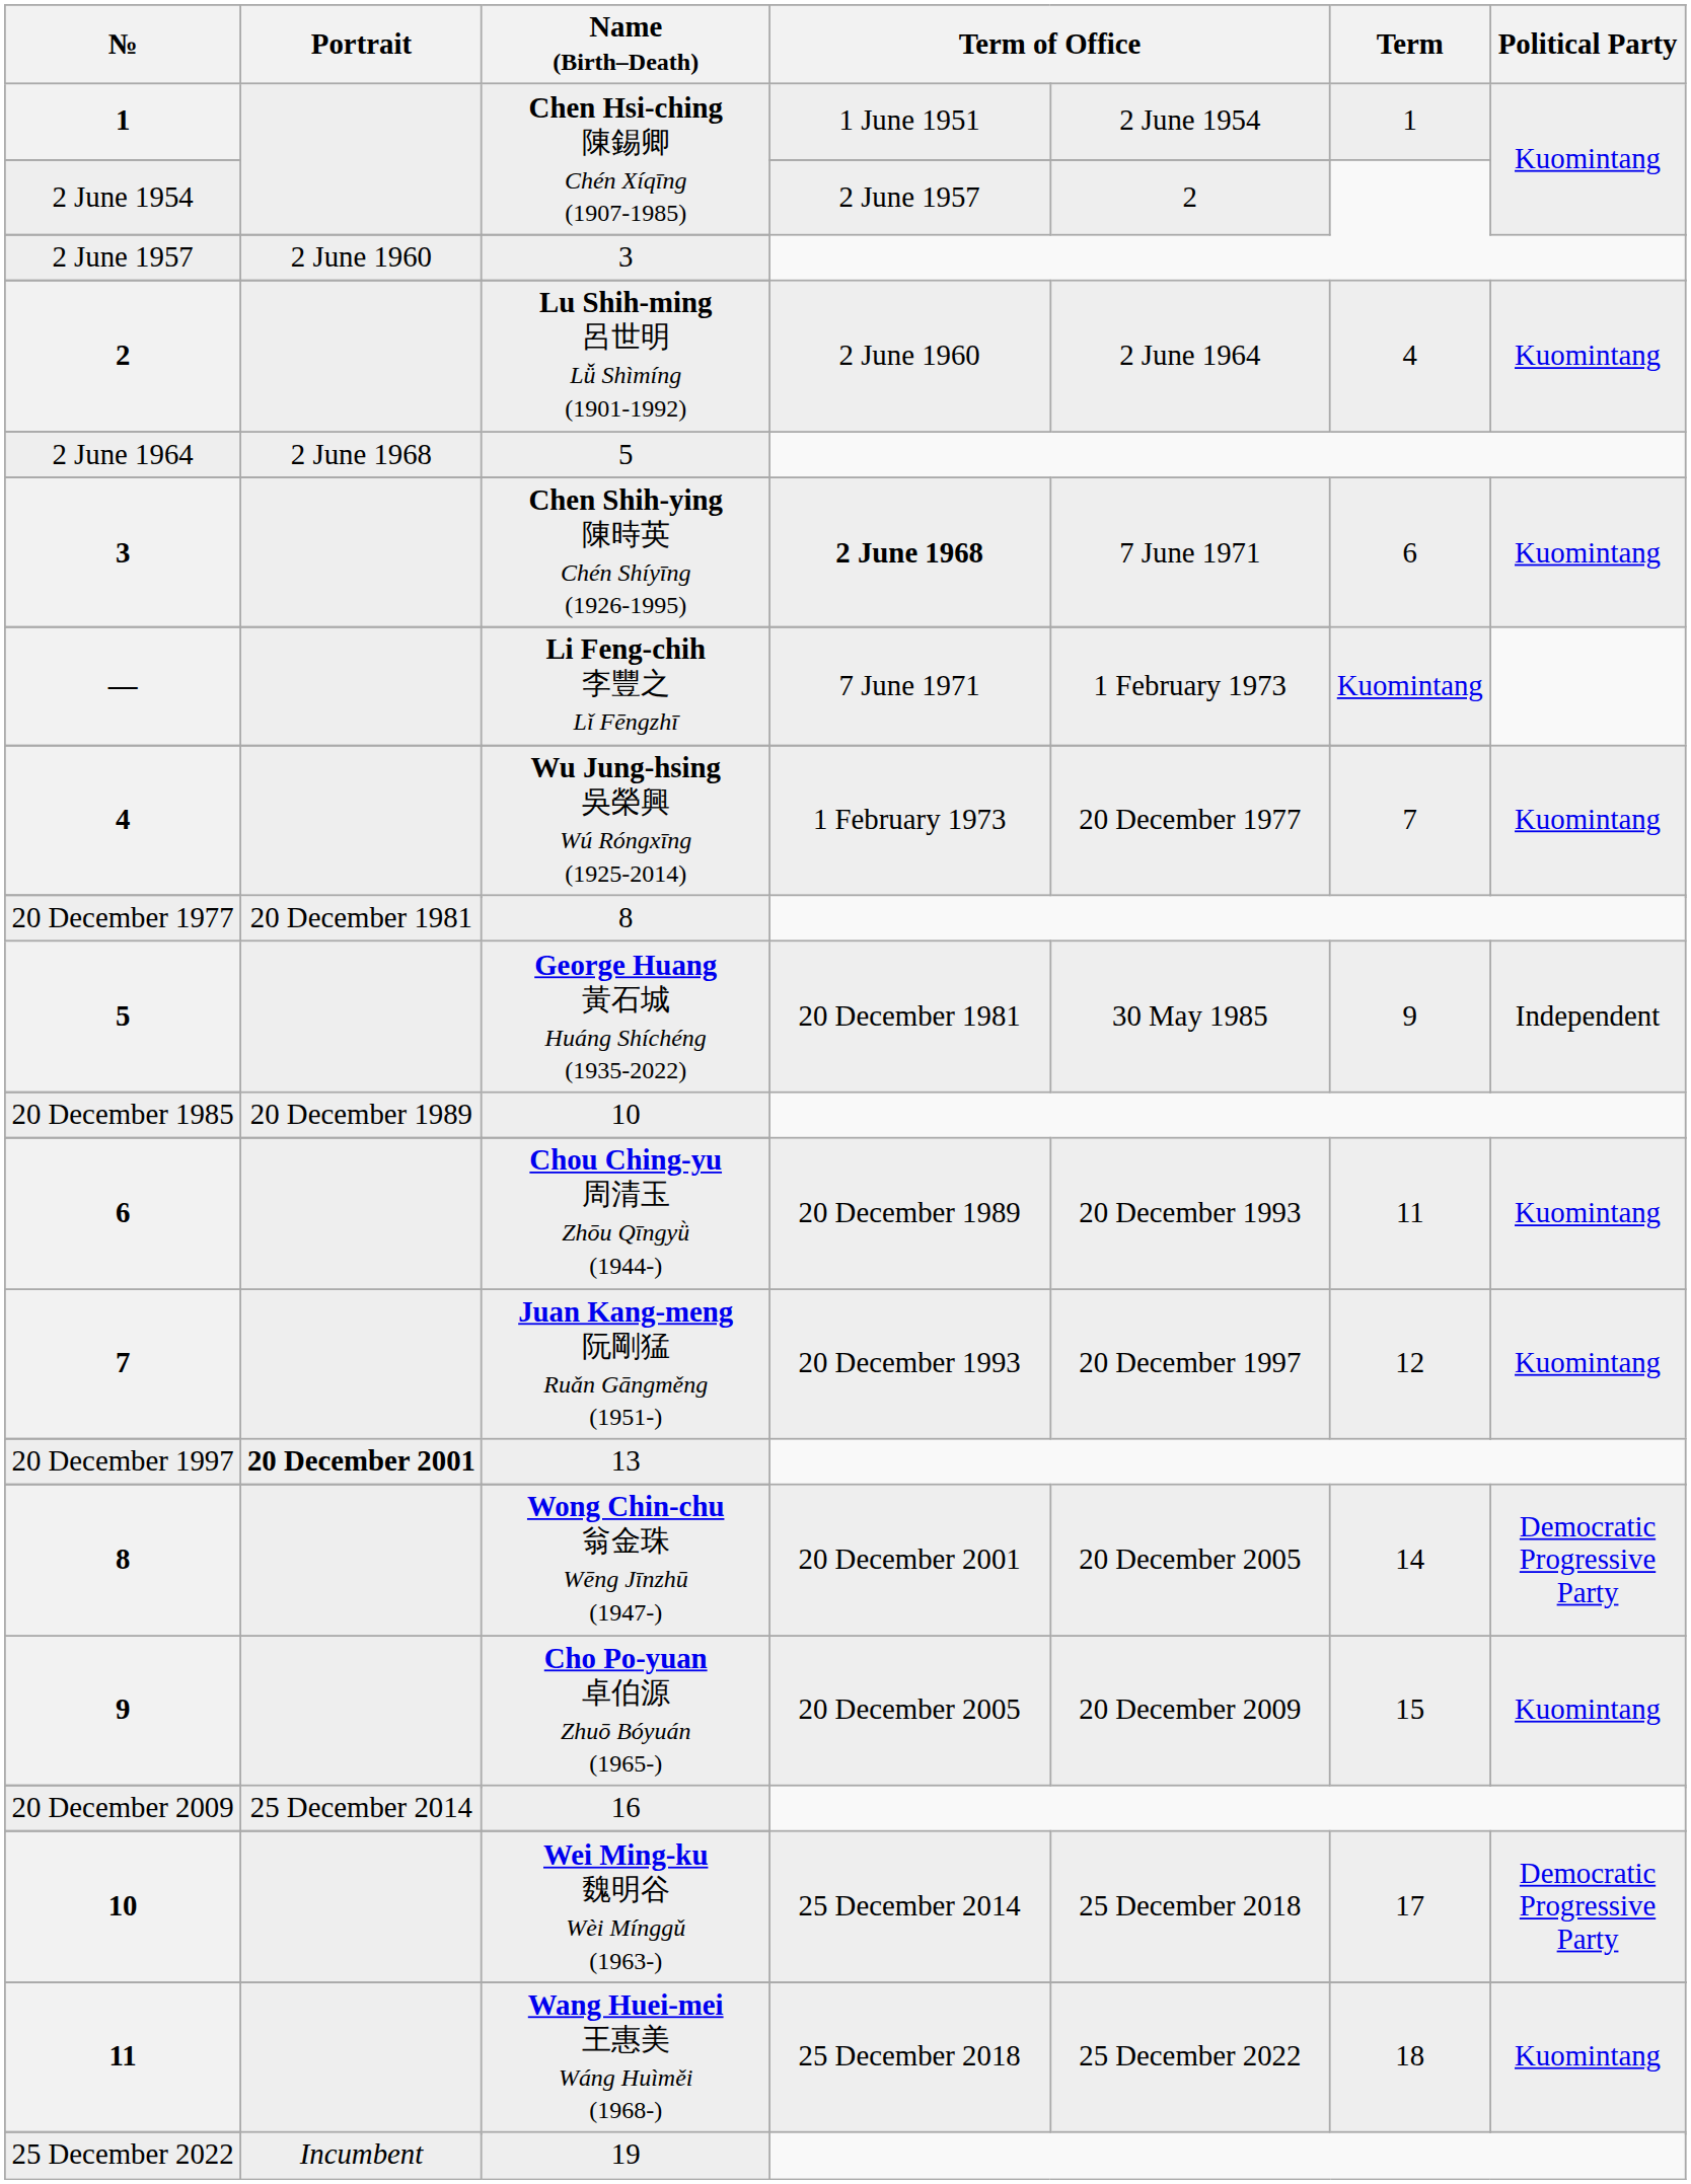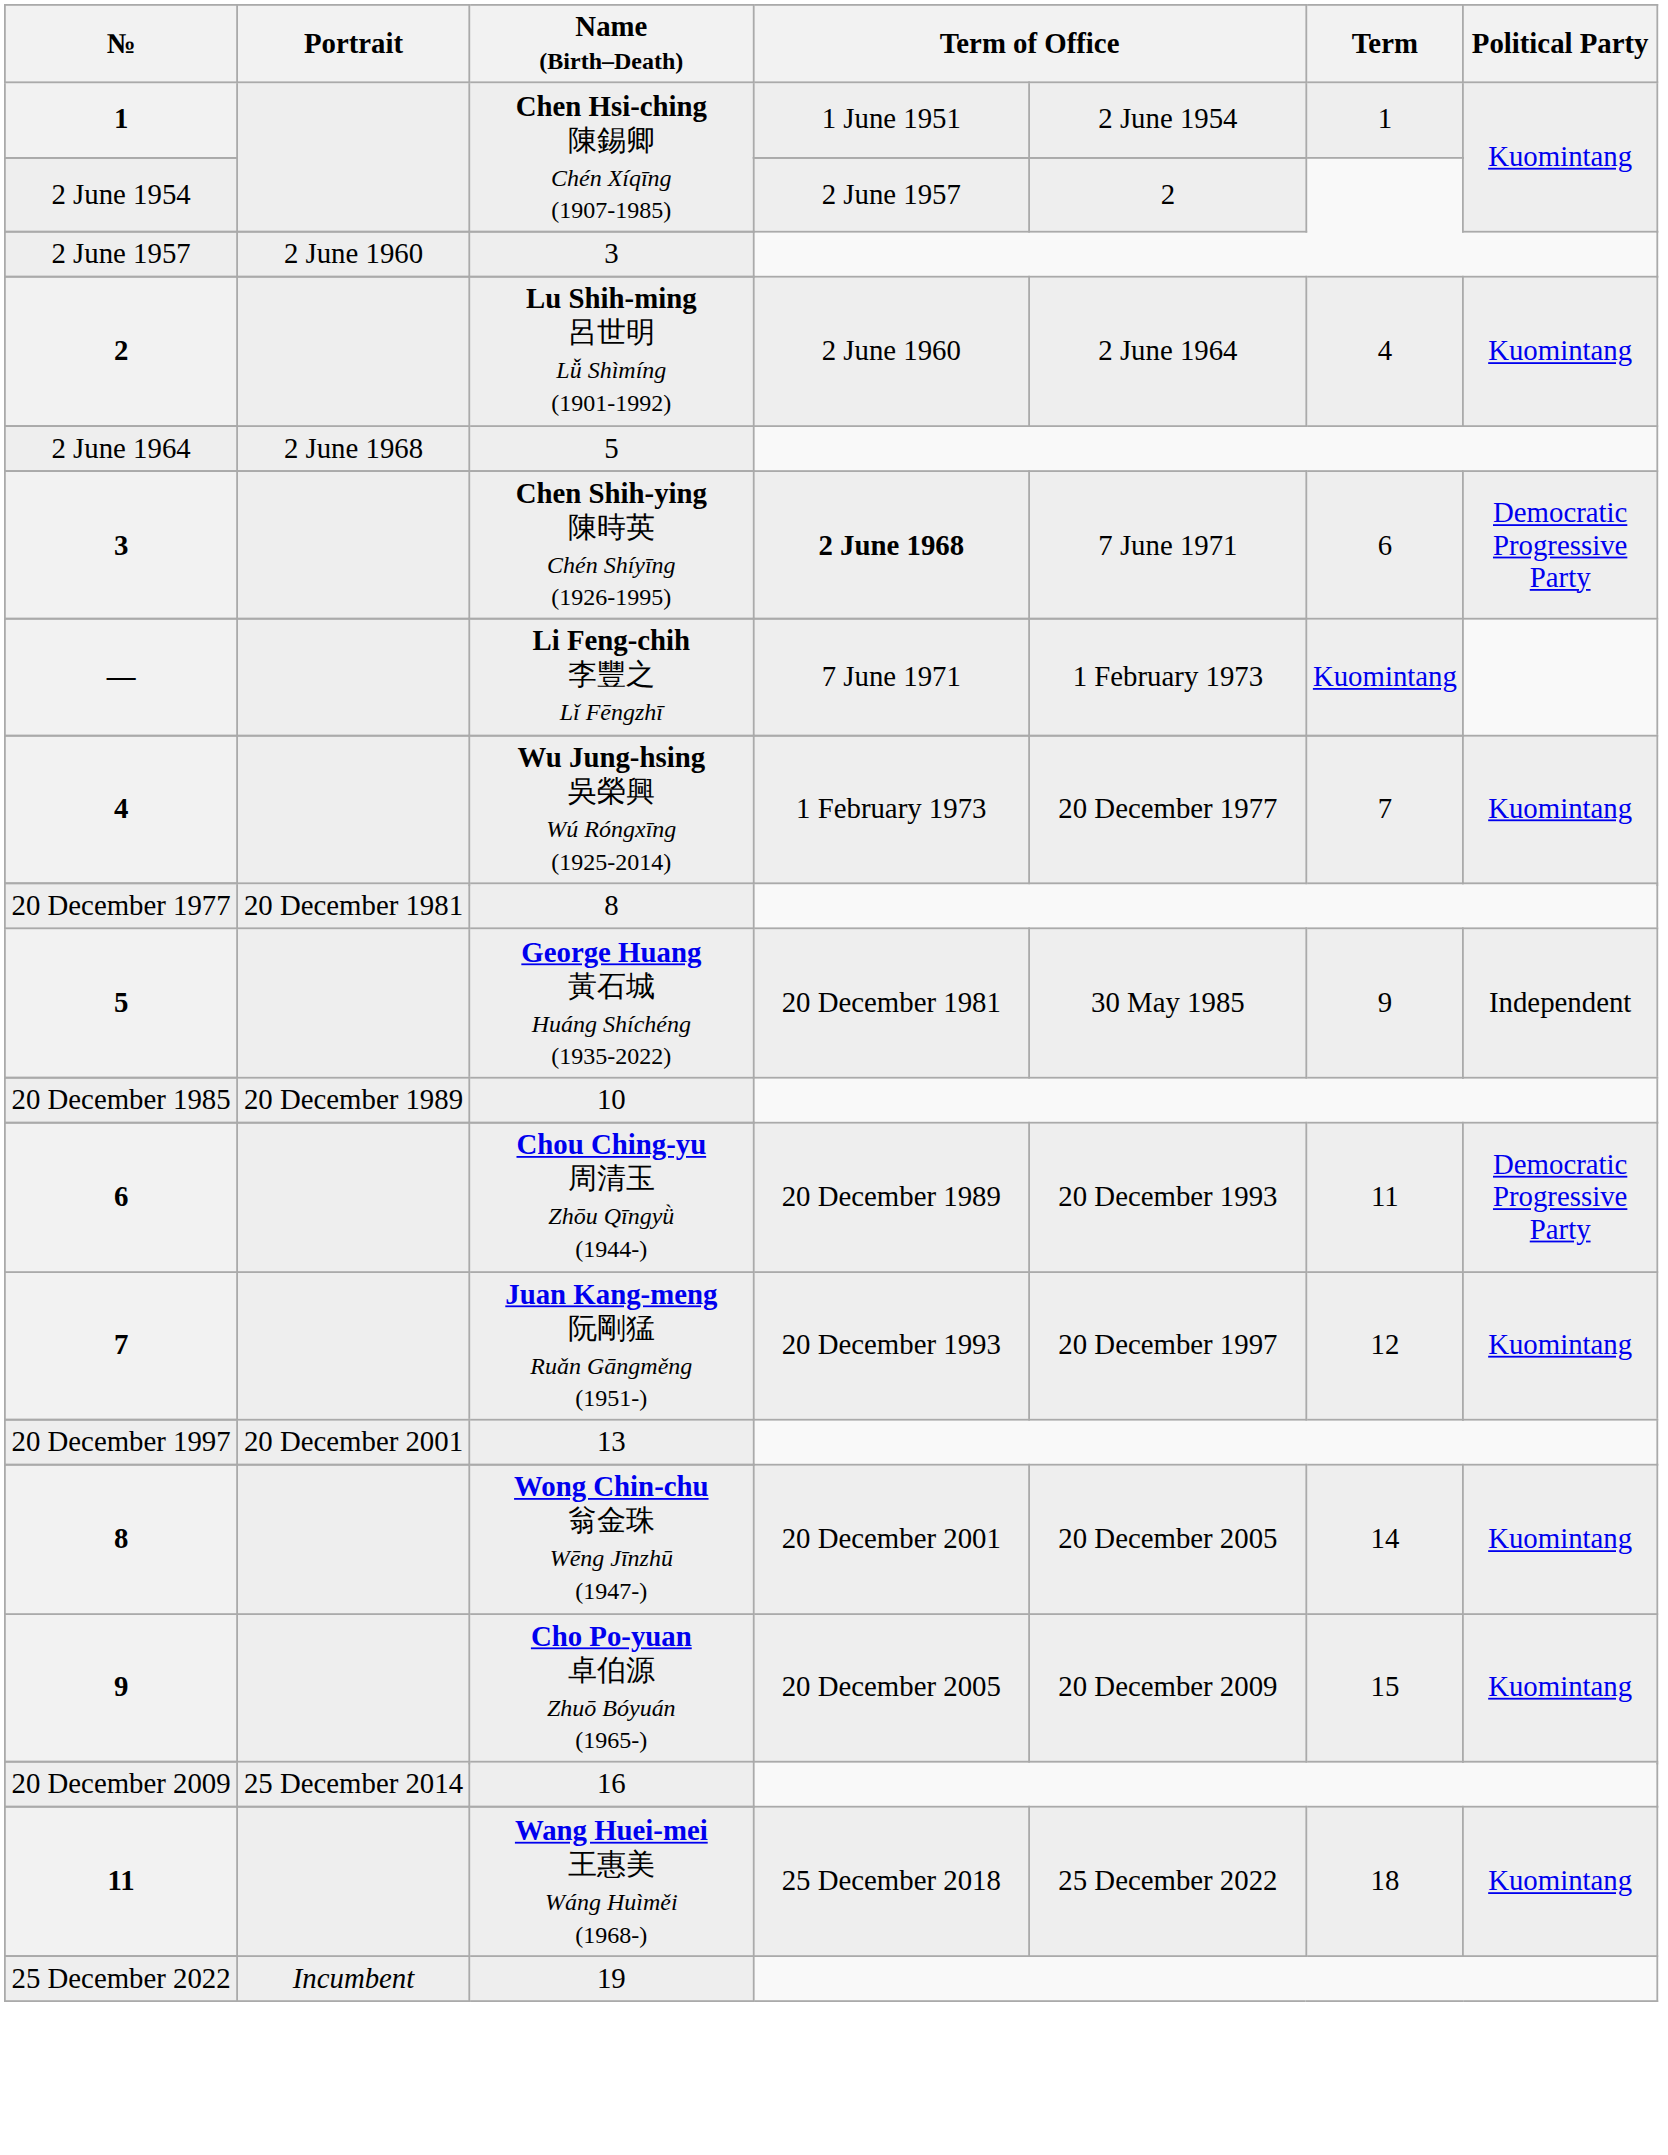 <table class="wikitable" style="text-align:center">
 <tr ->
 <th>№</th>
 <th>Portrait</th>
 <th width="150">Name<br><small>(Birth–Death)</small></th>
 <th colspan=2 width="300">Term of Office</th>
 <th width="50">Term</th>
 <th width = "100">Political Party</th>
 </tr>
 <tr - bgcolor=#EEEEEE>
 <th style="background:">1</th>
 <td rowspan=3></td>
 <td rowspan=3><strong>Chen Hsi-ching</strong><br><span>陳錫卿 </span><br><small><em>Chén Xíqīng </em><br>(1907-1985)</small></td>
 <td>1 June 1951</td>
 <td>2 June 1954</td>
 <td>1</td>
 <td rowspan=3><a href='#'>Kuomintang</a></td>
 </tr>
 <tr ->
 </tr>
 <tr - bgcolor=#EEEEEE>
 <td>2 June 1954</td>
 <td>2 June 1957</td>
 <td>2</td>
 </tr>
 <tr ->
 </tr>
 <tr - bgcolor=#EEEEEE>
 <td>2 June 1957</td>
 <td>2 June 1960</td>
 <td>3</td>
 </tr>
 <tr ->
 </tr>
 <tr - bgcolor=#EEEEEE>
 <th style="background:">2</th>
 <td rowspan=2></td>
 <td rowspan=2><strong>Lu Shih-ming</strong><br><span>呂世明 </span><br><small><em>Lǚ Shìmíng </em><br>(1901-1992)</small></td>
 <td>2 June 1960</td>
 <td>2 June 1964 </td>
 <td>4</td>
 <td rowspan=2><a href='#'>Kuomintang</a></td>
 </tr>
 <tr ->
 </tr>
 <tr - bgcolor=#EEEEEE>
 <td>2 June 1964</td>
 <td>2 June 1968</td>
 <td>5</td>
 </tr>
 <tr ->
 </tr>
 <tr - bgcolor=#EEEEEE>
 <th style="background:">3</th>
 <td></td>
 <td><strong>Chen Shih-ying</strong><br><span>陳時英 </span><br><small><em>Chén Shíyīng </em><br>(1926-1995)</small></td>
 <td><strong>2 June 1968</strong></td>
 <td>7 June 1971 </td>
 <td rowspan=2>6</td>
-<td><a href='#'>Kuomintang</a></td>
+<td><a href='#'>Democratic Progressive Party</a></td>
 </tr>
 <tr ->
 </tr>
 <tr - bgcolor=#EEEEEE>
 <th style="background:">—</th>
 <td></td>
 <td><strong>Li Feng-chih</strong><br><span>李豐之 </span><br><small><em>Lǐ Fēngzhī </em><br></small></td>
 <td>7 June 1971</td>
 <td>1 February 1973 </td>
 <td><a href='#'>Kuomintang</a></td>
 </tr>
 <tr ->
 </tr>
 <tr - bgcolor=#EEEEEE>
 <th style="background:">4</th>
 <td rowspan=2></td>
 <td rowspan=2><strong>Wu Jung-hsing</strong><br><span>吳榮興 </span><br><small><em>Wú Róngxīng </em><br>(1925-2014)</small></td>
 <td>1 February 1973</td>
 <td>20 December 1977</td>
 <td>7</td>
 <td rowspan=2><a href='#'>Kuomintang</a></td>
 </tr>
 <tr ->
 </tr>
 <tr - bgcolor=#EEEEEE>
 <td>20 December 1977</td>
 <td>20 December 1981</td>
 <td>8</td>
 </tr>
 <tr - bgcolor=#EEEEEE>
 <th style="background:">5</th>
 <td rowspan=2></td>
 <td rowspan=2><strong><a href='#'>George Huang</a></strong><br><span>黃石城 </span><br><small><em>Huáng Shíchéng </em><br>(1935-2022)</small></td>
 <td>20 December 1981</td>
 <td>30 May 1985</td>
 <td>9</td>
 <td rowspan=2>Independent</td>
 </tr>
 <tr ->
 </tr>
 <tr - bgcolor=#EEEEEE>
 <td>20 December 1985</td>
 <td>20 December 1989</td>
 <td>10</td>
 </tr>
 <tr ->
 </tr>
 <tr - bgcolor=#EEEEEE>
 <th style="background:">6</th>
 <td></td>
 <td><strong><a href='#'>Chou Ching-yu</a></strong><br><span>周清玉 </span><br><small><em>Zhōu Qīngyǜ </em><br>(1944-)</small></td>
 <td>20 December 1989</td>
 <td>20 December 1993</td>
 <td>11</td>
-<td><a href='#'>Kuomintang</a></td>
+<td><a href='#'>Democratic Progressive Party</a></td>
 </tr>
 <tr - bgcolor=#EEEEEE>
 <th style="background:">7</th>
 <td rowspan=2></td>
 <td rowspan=2><strong><a href='#'>Juan Kang-meng</a></strong><br><span>阮剛猛 </span><br><small><em>Ruǎn Gāngměng </em><br>(1951-)</small></td>
 <td>20 December 1993</td>
 <td>20 December 1997</td>
 <td>12</td>
 <td rowspan=2><a href='#'>Kuomintang</a></td>
 </tr>
 <tr ->
 </tr>
 <tr - bgcolor=#EEEEEE>
 <td>20 December 1997</td>
-<td><strong>20 December 2001</strong></td>
+<td>20 December 2001</td>
 <td>13</td>
 </tr>
 <tr ->
 </tr>
 <tr - bgcolor=#EEEEEE>
 <th style="background:">8</th>
 <td></td>
 <td><strong><a href='#'>Wong Chin-chu</a></strong><br><span>翁金珠 </span><br><small><em>Wēng Jīnzhū </em><br>(1947-)</small></td>
 <td>20 December 2001</td>
 <td>20 December 2005</td>
 <td>14</td>
-<td><a href='#'>Democratic Progressive Party</a></td>
+<td><a href='#'>Kuomintang</a></td>
 </tr>
 <tr - bgcolor=#EEEEEE>
 <th style="background:">9</th>
 <td rowspan=2></td>
 <td rowspan=2><strong><a href='#'>Cho Po-yuan </a></strong><br><span>卓伯源 </span><br><small><em>Zhuō Bóyuán </em><br>(1965-)</small></td>
 <td>20 December 2005</td>
 <td>20 December 2009</td>
 <td>15</td>
 <td rowspan=2><a href='#'>Kuomintang</a></td>
 </tr>
 <tr ->
 </tr>
 <tr - bgcolor=#EEEEEE>
 <td>20 December 2009</td>
 <td>25 December 2014 </td>
 <td>16</td>
 </tr>
 <tr ->
-</tr>
-<tr - bgcolor=#EEEEEE>
-<th style="background:">10</th>
-<td></td>
-<td><strong><a href='#'>Wei Ming-ku</a></strong><br><span>魏明谷 </span><br><small><em>Wèi Mínggǔ </em><br>(1963-)</small></td>
-<td>25 December 2014</td>
-<td>25 December 2018 </td>
-<td>17</td>
-<td><a href='#'>Democratic Progressive Party</a></td>
 </tr>
 <tr>
 </tr>
 <tr - bgcolor=#EEEEEE>
 <th style="background:">11</th>
 <td rowspan=2></td>
 <td rowspan=2><strong><a href='#'>Wang Huei-mei</a></strong><br><span>王惠美 </span><br><small><em>Wáng Huìměi </em><br>(1968-)</small></td>
 <td>25 December 2018</td>
 <td>25 December 2022</td>
 <td>18</td>
 <td rowspan=2><a href='#'>Kuomintang</a></td>
 </tr>
 <tr>
 </tr>
 <tr - bgcolor=#EEEEEE>
 <td>25 December 2022</td>
 <td><em>Incumbent</em></td>
 <td>19</td>
 </tr>
 </table>
